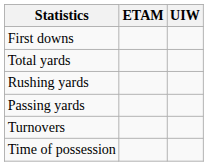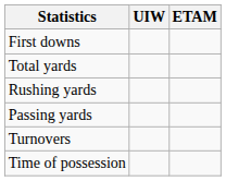 <table class="wikitable" style="float:left">
 <tr>
 <th>Statistics</th>
+<th>UIW</th>
 <th>ETAM</th>
-<th>UIW</th>
 </tr>
 <tr>
 <td>First downs</td>
 <td></td>
 <td></td>
 </tr>
 <tr>
 <td>Total yards</td>
 <td></td>
 <td></td>
 </tr>
 <tr>
 <td>Rushing yards</td>
 <td></td>
 <td></td>
 </tr>
 <tr>
 <td>Passing yards</td>
 <td></td>
 <td></td>
 </tr>
 <tr>
 <td>Turnovers</td>
 <td></td>
 <td></td>
 </tr>
 <tr>
 <td>Time of possession</td>
 <td></td>
 <td></td>
 </tr>
 </table>
